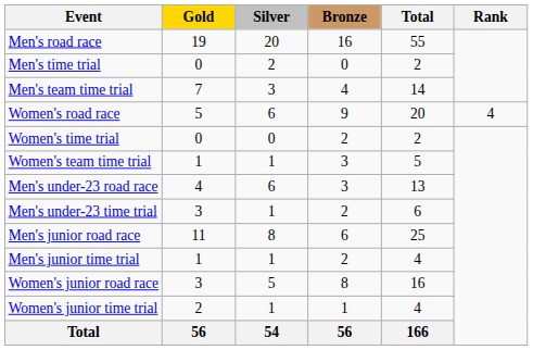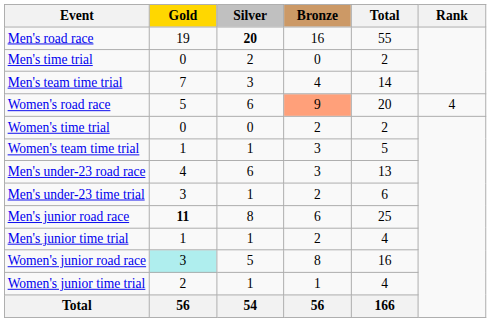 <table class="wikitable sortable" border="1" style="text-align:center; font-size:90%;">
 <tr>
 <th style="width:15:em;">Event</th>
 <td style="background:gold; width:4.5em; font-weight:bold;">Gold</td>
 <td style="background:silver; width:4.5em; font-weight:bold;">Silver</td>
 <td style="background:#cc9966; width:4.5em; font-weight:bold;">Bronze</td>
 <th style="width:4.5em;">Total</th>
 <th style="width:4.5em;">Rank</th>
 </tr>
 <tr>
 <td align=left><a href='#'>Men's road race</a></td>
 <td>19</td>
-<td>20</td>
+<td><strong>20</strong></td>
 <td>16</td>
 <td>55</td>
 </tr>
 <tr>
 <td align=left><a href='#'>Men's time trial</a></td>
 <td>0</td>
 <td>2</td>
 <td>0</td>
 <td>2</td>
 </tr>
 <tr>
 <td align=left><a href='#'>Men's team time trial</a></td>
 <td>7</td>
 <td>3</td>
 <td>4</td>
 <td>14</td>
 </tr>
 <tr>
 <td align=left><a href='#'>Women's road race</a></td>
 <td>5</td>
 <td>6</td>
-<td>9</td>
+<td style="background: lightsalmon;">9</td>
 <td>20</td>
 <td>4</td>
 </tr>
 <tr>
 <td align=left><a href='#'>Women's time trial</a></td>
 <td>0</td>
 <td>0</td>
 <td>2</td>
 <td>2</td>
 </tr>
 <tr>
 <td align=left><a href='#'>Women's team time trial</a></td>
 <td>1</td>
 <td>1</td>
 <td>3</td>
 <td>5</td>
 </tr>
 <tr>
 <td align=left><a href='#'>Men's under-23 road race</a></td>
 <td>4</td>
 <td>6</td>
 <td>3</td>
 <td>13</td>
 </tr>
 <tr>
 <td align=left><a href='#'>Men's under-23 time trial</a></td>
 <td>3</td>
 <td>1</td>
 <td>2</td>
 <td>6</td>
 </tr>
 <tr>
 <td align=left><a href='#'>Men's junior road race</a></td>
-<td>11</td>
+<td><strong>11</strong></td>
 <td>8</td>
 <td>6</td>
 <td>25</td>
 </tr>
 <tr>
 <td align=left><a href='#'>Men's junior time trial</a></td>
 <td>1</td>
 <td>1</td>
 <td>2</td>
 <td>4</td>
 </tr>
 <tr>
 <td align=left><a href='#'>Women's junior road race</a></td>
-<td>3</td>
+<td style="background: paleturquoise;">3</td>
 <td>5</td>
 <td>8</td>
 <td>16</td>
 </tr>
 <tr>
 <td align=left><a href='#'>Women's junior time trial</a></td>
 <td>2</td>
 <td>1</td>
 <td>1</td>
 <td>4</td>
 </tr>
 <tr>
 <th>Total</th>
 <th>56</th>
 <th>54</th>
 <th>56</th>
 <th>166</th>
 </tr>
 </table>
